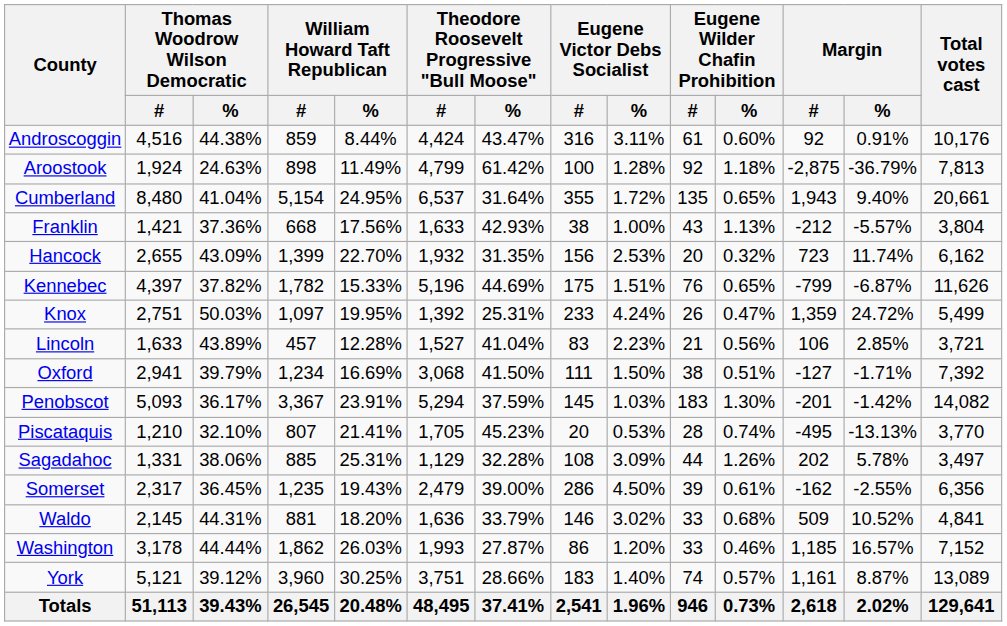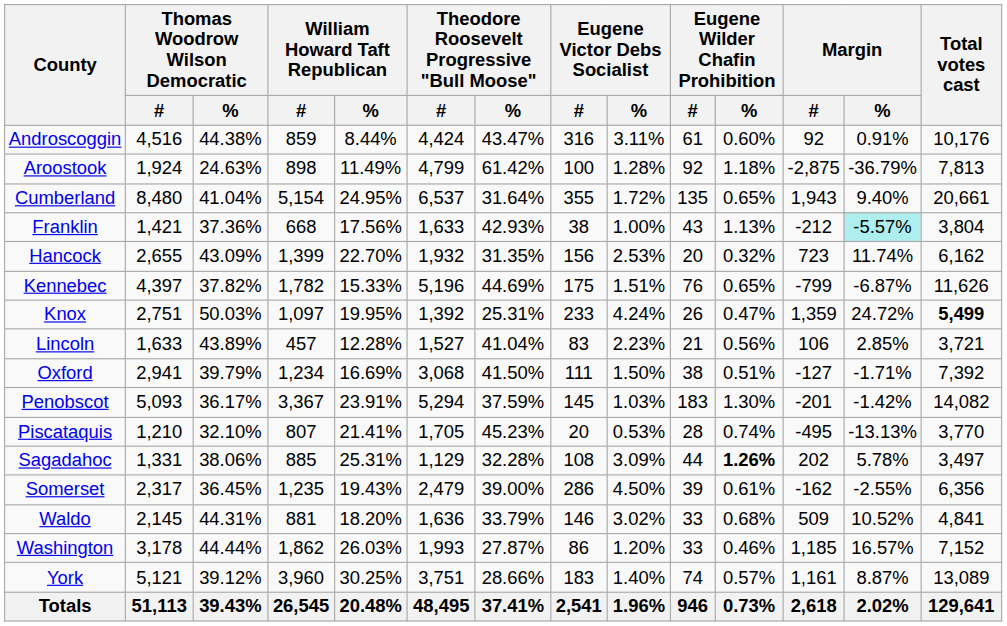 <table class="wikitable sortable">
 <tr>
 <th rowspan="2">County</th>
 <th colspan="2">Thomas Woodrow Wilson<br>Democratic</th>
 <th colspan="2">William Howard Taft<br>Republican</th>
 <th colspan="2">Theodore Roosevelt<br>Progressive "Bull Moose"</th>
 <th colspan="2">Eugene Victor Debs<br>Socialist</th>
 <th colspan="2">Eugene Wilder Chafin<br>Prohibition</th>
 <th colspan="2">Margin</th>
 <th rowspan="2">Total votes cast</th>
 </tr>
 <tr bgcolor="lightgrey">
 <th data-sort-type="number">#</th>
 <th data-sort-type="number">%</th>
 <th data-sort-type="number">#</th>
 <th data-sort-type="number">%</th>
 <th data-sort-type="number">#</th>
 <th data-sort-type="number">%</th>
 <th data-sort-type="number">#</th>
 <th data-sort-type="number">%</th>
 <th data-sort-type="number">#</th>
 <th data-sort-type="number">%</th>
 <th data-sort-type="number">#</th>
 <th data-sort-type="number">%</th>
 </tr>
 <tr style="text-align:center;">
 <td><a href='#'>Androscoggin</a></td>
 <td>4,516</td>
 <td>44.38%</td>
 <td>859</td>
 <td>8.44%</td>
 <td>4,424</td>
 <td>43.47%</td>
 <td>316</td>
 <td>3.11%</td>
 <td>61</td>
 <td>0.60%</td>
 <td>92</td>
 <td>0.91%</td>
 <td>10,176</td>
 </tr>
 <tr style="text-align:center;">
 <td><a href='#'>Aroostook</a></td>
 <td>1,924</td>
 <td>24.63%</td>
 <td>898</td>
 <td>11.49%</td>
 <td>4,799</td>
 <td>61.42%</td>
 <td>100</td>
 <td>1.28%</td>
 <td>92</td>
 <td>1.18%</td>
 <td>-2,875</td>
 <td>-36.79%</td>
 <td>7,813</td>
 </tr>
 <tr style="text-align:center;">
 <td><a href='#'>Cumberland</a></td>
 <td>8,480</td>
 <td>41.04%</td>
 <td>5,154</td>
 <td>24.95%</td>
 <td>6,537</td>
 <td>31.64%</td>
 <td>355</td>
 <td>1.72%</td>
 <td>135</td>
 <td>0.65%</td>
 <td>1,943</td>
 <td>9.40%</td>
 <td>20,661</td>
 </tr>
 <tr style="text-align:center;">
 <td><a href='#'>Franklin</a></td>
 <td>1,421</td>
 <td>37.36%</td>
 <td>668</td>
 <td>17.56%</td>
 <td>1,633</td>
 <td>42.93%</td>
 <td>38</td>
 <td>1.00%</td>
 <td>43</td>
 <td>1.13%</td>
 <td>-212</td>
-<td>-5.57%</td>
+<td style="background: paleturquoise;">-5.57%</td>
 <td>3,804</td>
 </tr>
 <tr style="text-align:center;">
 <td><a href='#'>Hancock</a></td>
 <td>2,655</td>
 <td>43.09%</td>
 <td>1,399</td>
 <td>22.70%</td>
 <td>1,932</td>
 <td>31.35%</td>
 <td>156</td>
 <td>2.53%</td>
 <td>20</td>
 <td>0.32%</td>
 <td>723</td>
 <td>11.74%</td>
 <td>6,162</td>
 </tr>
 <tr style="text-align:center;">
 <td><a href='#'>Kennebec</a></td>
 <td>4,397</td>
 <td>37.82%</td>
 <td>1,782</td>
 <td>15.33%</td>
 <td>5,196</td>
 <td>44.69%</td>
 <td>175</td>
 <td>1.51%</td>
 <td>76</td>
 <td>0.65%</td>
 <td>-799</td>
 <td>-6.87%</td>
 <td>11,626</td>
 </tr>
 <tr style="text-align:center;">
 <td><a href='#'>Knox</a></td>
 <td>2,751</td>
 <td>50.03%</td>
 <td>1,097</td>
 <td>19.95%</td>
 <td>1,392</td>
 <td>25.31%</td>
 <td>233</td>
 <td>4.24%</td>
 <td>26</td>
 <td>0.47%</td>
 <td>1,359</td>
 <td>24.72%</td>
-<td>5,499</td>
+<td><strong>5,499</strong></td>
 </tr>
 <tr style="text-align:center;">
 <td><a href='#'>Lincoln</a></td>
 <td>1,633</td>
 <td>43.89%</td>
 <td>457</td>
 <td>12.28%</td>
 <td>1,527</td>
 <td>41.04%</td>
 <td>83</td>
 <td>2.23%</td>
 <td>21</td>
 <td>0.56%</td>
 <td>106</td>
 <td>2.85%</td>
 <td>3,721</td>
 </tr>
 <tr style="text-align:center;">
 <td><a href='#'>Oxford</a></td>
 <td>2,941</td>
 <td>39.79%</td>
 <td>1,234</td>
 <td>16.69%</td>
 <td>3,068</td>
 <td>41.50%</td>
 <td>111</td>
 <td>1.50%</td>
 <td>38</td>
 <td>0.51%</td>
 <td>-127</td>
 <td>-1.71%</td>
 <td>7,392</td>
 </tr>
 <tr style="text-align:center;">
 <td><a href='#'>Penobscot</a></td>
 <td>5,093</td>
 <td>36.17%</td>
 <td>3,367</td>
 <td>23.91%</td>
 <td>5,294</td>
 <td>37.59%</td>
 <td>145</td>
 <td>1.03%</td>
 <td>183</td>
 <td>1.30%</td>
 <td>-201</td>
 <td>-1.42%</td>
 <td>14,082</td>
 </tr>
 <tr style="text-align:center;">
 <td><a href='#'>Piscataquis</a></td>
 <td>1,210</td>
 <td>32.10%</td>
 <td>807</td>
 <td>21.41%</td>
 <td>1,705</td>
 <td>45.23%</td>
 <td>20</td>
 <td>0.53%</td>
 <td>28</td>
 <td>0.74%</td>
 <td>-495</td>
 <td>-13.13%</td>
 <td>3,770</td>
 </tr>
 <tr style="text-align:center;">
 <td><a href='#'>Sagadahoc</a></td>
 <td>1,331</td>
 <td>38.06%</td>
 <td>885</td>
 <td>25.31%</td>
 <td>1,129</td>
 <td>32.28%</td>
 <td>108</td>
 <td>3.09%</td>
 <td>44</td>
-<td>1.26%</td>
+<td><strong>1.26%</strong></td>
 <td>202</td>
 <td>5.78%</td>
 <td>3,497</td>
 </tr>
 <tr style="text-align:center;">
 <td><a href='#'>Somerset</a></td>
 <td>2,317</td>
 <td>36.45%</td>
 <td>1,235</td>
 <td>19.43%</td>
 <td>2,479</td>
 <td>39.00%</td>
 <td>286</td>
 <td>4.50%</td>
 <td>39</td>
 <td>0.61%</td>
 <td>-162</td>
 <td>-2.55%</td>
 <td>6,356</td>
 </tr>
 <tr style="text-align:center;">
 <td><a href='#'>Waldo</a></td>
 <td>2,145</td>
 <td>44.31%</td>
 <td>881</td>
 <td>18.20%</td>
 <td>1,636</td>
 <td>33.79%</td>
 <td>146</td>
 <td>3.02%</td>
 <td>33</td>
 <td>0.68%</td>
 <td>509</td>
 <td>10.52%</td>
 <td>4,841</td>
 </tr>
 <tr style="text-align:center;">
 <td><a href='#'>Washington</a></td>
 <td>3,178</td>
 <td>44.44%</td>
 <td>1,862</td>
 <td>26.03%</td>
 <td>1,993</td>
 <td>27.87%</td>
 <td>86</td>
 <td>1.20%</td>
 <td>33</td>
 <td>0.46%</td>
 <td>1,185</td>
 <td>16.57%</td>
 <td>7,152</td>
 </tr>
 <tr style="text-align:center;">
 <td><a href='#'>York</a></td>
 <td>5,121</td>
 <td>39.12%</td>
 <td>3,960</td>
 <td>30.25%</td>
 <td>3,751</td>
 <td>28.66%</td>
 <td>183</td>
 <td>1.40%</td>
 <td>74</td>
 <td>0.57%</td>
 <td>1,161</td>
 <td>8.87%</td>
 <td>13,089</td>
 </tr>
 <tr style="text-align:center;">
 <th>Totals</th>
 <th>51,113</th>
 <th>39.43%</th>
 <th>26,545</th>
 <th>20.48%</th>
 <th>48,495</th>
 <th>37.41%</th>
 <th>2,541</th>
 <th>1.96%</th>
 <th>946</th>
 <th>0.73%</th>
 <th>2,618</th>
 <th>2.02%</th>
 <th>129,641</th>
 </tr>
 </table>
